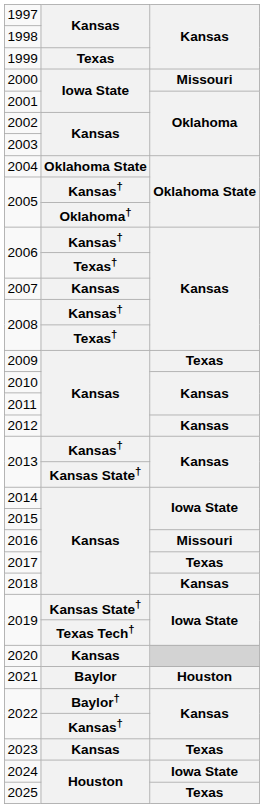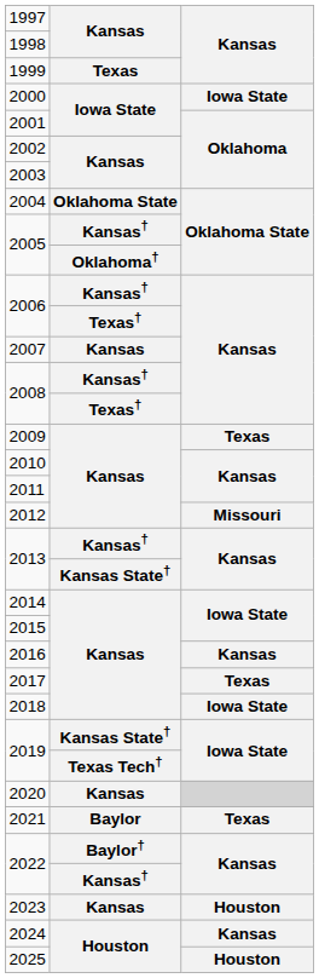 <table class="wikitable sortable">
 <tr>
 <td>1997</td>
 <th rowspan="2">Kansas</th>
 <th rowspan="3">Kansas</th>
 </tr>
 <tr>
 <td>1998</td>
 </tr>
 <tr>
 <td>1999</td>
 <th>Texas</th>
 </tr>
 <tr>
 <td>2000</td>
 <th rowspan="2">Iowa State</th>
-<th>Missouri</th>
+<th>Iowa State</th>
 </tr>
 <tr>
 <td>2001</td>
 <th rowspan="3">Oklahoma</th>
 </tr>
 <tr>
 <td>2002</td>
 <th rowspan="2">Kansas</th>
 </tr>
 <tr>
 <td>2003</td>
 </tr>
 <tr>
 <td>2004</td>
 <th>Oklahoma State</th>
 <th rowspan="3">Oklahoma State</th>
 </tr>
 <tr>
 <td rowspan="2">2005</td>
 <th>Kansas<sup>†</sup></th>
 </tr>
 <tr>
 <th>Oklahoma<sup>†</sup></th>
 </tr>
 <tr>
 <td rowspan="2">2006</td>
 <th>Kansas<sup>†</sup></th>
 <th rowspan="5">Kansas</th>
 </tr>
 <tr>
 <th>Texas<sup>†</sup></th>
 </tr>
 <tr>
 <td>2007</td>
 <th>Kansas</th>
 </tr>
 <tr>
 <td rowspan="2">2008</td>
 <th>Kansas<sup>†</sup></th>
 </tr>
 <tr>
 <th>Texas<sup>†</sup></th>
 </tr>
 <tr>
 <td>2009</td>
 <th rowspan="4">Kansas</th>
 <th>Texas</th>
 </tr>
 <tr>
 <td>2010</td>
 <th rowspan="2">Kansas</th>
 </tr>
 <tr>
 <td>2011</td>
 </tr>
 <tr>
 <td>2012</td>
-<th>Kansas</th>
+<th>Missouri</th>
 </tr>
 <tr>
 <td rowspan="2">2013</td>
 <th>Kansas<sup>†</sup></th>
 <th rowspan="2">Kansas</th>
 </tr>
 <tr>
 <th>Kansas State<sup>†</sup></th>
 </tr>
 <tr>
 <td>2014</td>
 <th rowspan="5">Kansas</th>
 <th rowspan="2">Iowa State</th>
 </tr>
 <tr>
 <td>2015</td>
 </tr>
 <tr>
 <td>2016</td>
-<th>Missouri</th>
+<th>Kansas</th>
 </tr>
 <tr>
 <td>2017</td>
 <th>Texas</th>
 </tr>
 <tr>
 <td>2018</td>
-<th>Kansas</th>
+<th>Iowa State</th>
 </tr>
 <tr>
 <td rowspan="2">2019</td>
 <th>Kansas State<sup>†</sup></th>
 <th rowspan="2">Iowa State</th>
 </tr>
 <tr>
 <th>Texas Tech<sup>†</sup></th>
 </tr>
 <tr>
 <td>2020</td>
 <th>Kansas</th>
 <td bgcolor="#d3d3d3"></td>
 </tr>
 <tr>
 <td>2021</td>
 <th>Baylor</th>
-<th>Houston</th>
+<th>Texas</th>
 </tr>
 <tr>
 <td rowspan="2">2022</td>
 <th>Baylor<sup>†</sup></th>
 <th rowspan="2">Kansas</th>
 </tr>
 <tr>
 <th>Kansas<sup>†</sup></th>
 </tr>
 <tr>
 <td>2023</td>
 <th>Kansas</th>
-<th>Texas</th>
+<th>Houston</th>
 </tr>
 <tr>
 <td>2024</td>
 <th rowspan="2">Houston</th>
-<th>Iowa State</th>
+<th>Kansas</th>
 </tr>
 <tr>
 <td>2025</td>
-<th>Texas</th>
+<th>Houston</th>
 </tr>
 </table>
